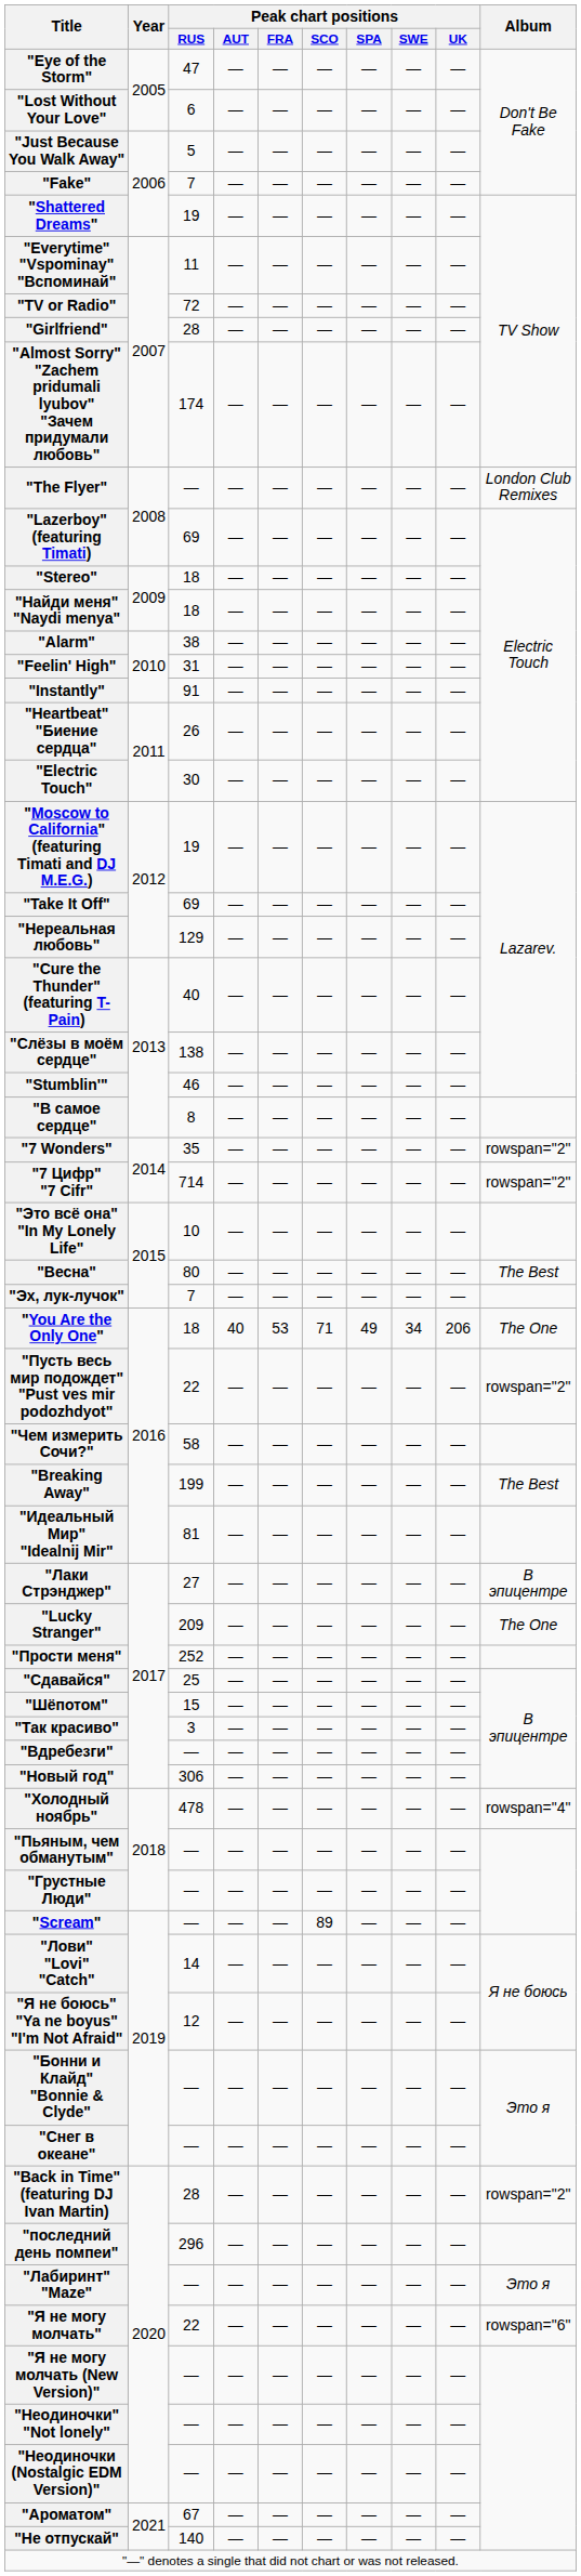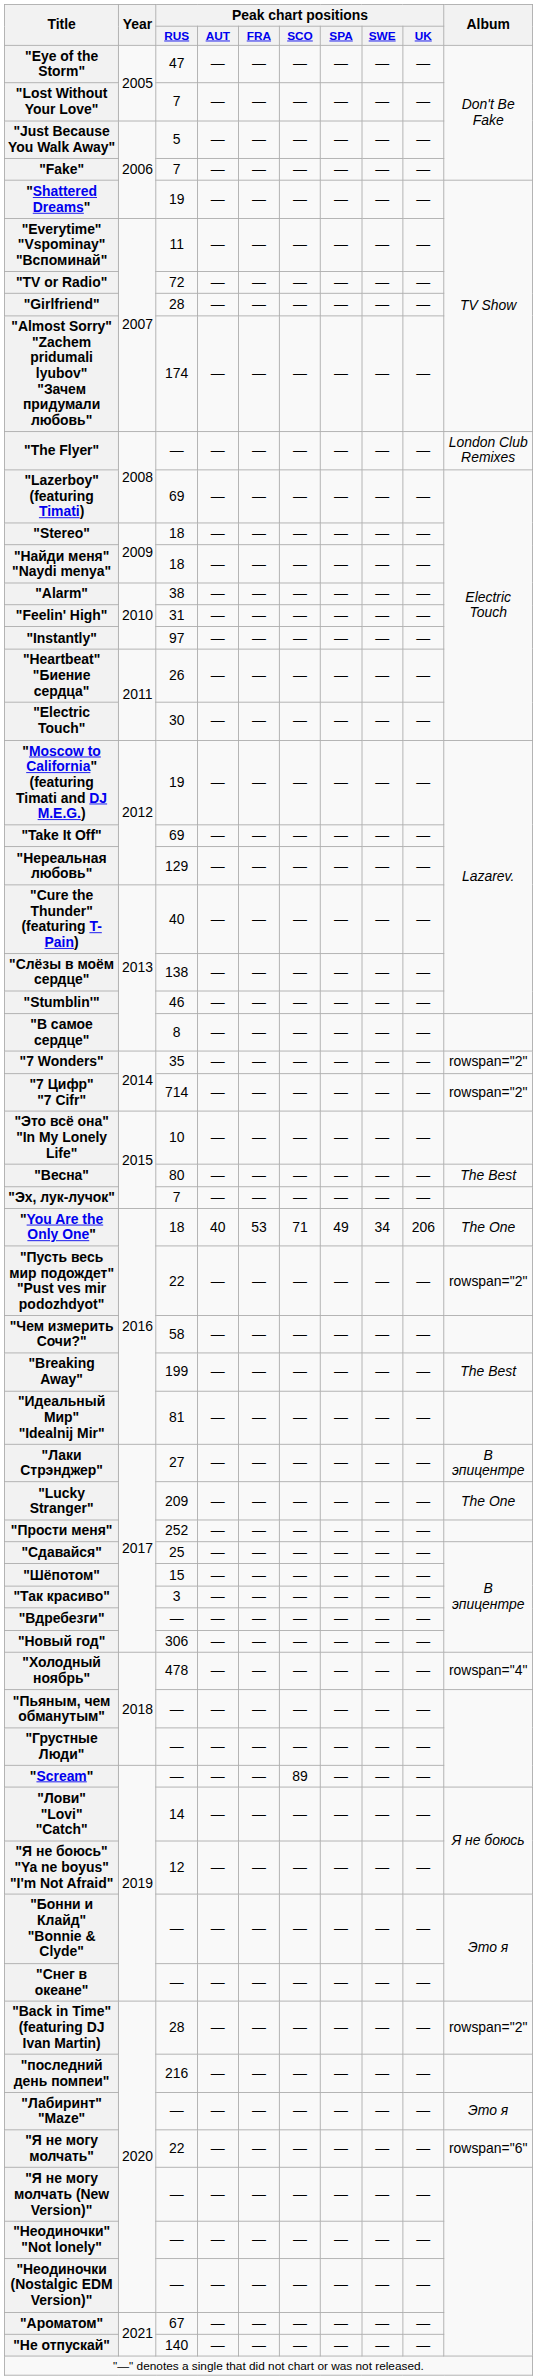 <table class="wikitable plainrowheaders" style="text-align:center;">
 <tr>
 <th scope="col" rowspan="2">Title</th>
 <th scope="col" rowspan="2">Year</th>
 <th scope="col" colspan="7">Peak chart positions</th>
 <th scope="col" rowspan="2">Album</th>
 </tr>
 <tr>
 <th scope="col" style="width:3em;font-size:85%;"><a href='#'>RUS</a><br></th>
 <th scope="col" style="width:3em;font-size:85%;"><a href='#'>AUT</a><br></th>
 <th scope="col" style="width:3em;font-size:85%;"><a href='#'>FRA</a><br></th>
 <th scope="col" style="width:3em;font-size:85%;"><a href='#'>SCO</a><br></th>
 <th scope="col" style="width:3em;font-size:85%;"><a href='#'>SPA</a><br></th>
 <th scope="col" style="width:3em;font-size:85%;"><a href='#'>SWE</a><br></th>
 <th scope="col" style="width:3em;font-size:85%;"><a href='#'>UK</a><br></th>
 </tr>
 <tr>
 <th scope="row">"Eye of the Storm"</th>
 <td rowspan="2">2005</td>
 <td>47</td>
 <td>—</td>
 <td>—</td>
 <td>—</td>
 <td>—</td>
 <td>—</td>
 <td>—</td>
 <td rowspan="4"><em>Don't Be Fake</em></td>
 </tr>
 <tr>
 <th scope="row">"Lost Without Your Love"</th>
-<td>6</td>
+<td>7</td>
 <td>—</td>
 <td>—</td>
 <td>—</td>
 <td>—</td>
 <td>—</td>
 <td>—</td>
 </tr>
 <tr>
 <th scope="row">"Just Because You Walk Away"</th>
 <td rowspan="3">2006</td>
 <td>5</td>
 <td>—</td>
 <td>—</td>
 <td>—</td>
 <td>—</td>
 <td>—</td>
 <td>—</td>
 </tr>
 <tr>
 <th scope="row">"Fake"</th>
 <td>7</td>
 <td>—</td>
 <td>—</td>
 <td>—</td>
 <td>—</td>
 <td>—</td>
 <td>—</td>
 </tr>
 <tr>
 <th scope="row">"<a href='#'>Shattered Dreams</a>"</th>
 <td>19</td>
 <td>—</td>
 <td>—</td>
 <td>—</td>
 <td>—</td>
 <td>—</td>
 <td>—</td>
 <td rowspan="5"><em>TV Show</em></td>
 </tr>
 <tr>
 <th scope="row">"Everytime"<br><span>"Vspominay"<br>"Вспоминай"</span></th>
 <td rowspan="4">2007</td>
 <td>11</td>
 <td>—</td>
 <td>—</td>
 <td>—</td>
 <td>—</td>
 <td>—</td>
 <td>—</td>
 </tr>
 <tr>
 <th scope="row">"TV or Radio"</th>
 <td>72</td>
 <td>—</td>
 <td>—</td>
 <td>—</td>
 <td>—</td>
 <td>—</td>
 <td>—</td>
 </tr>
 <tr>
 <th scope="row">"Girlfriend"</th>
 <td>28</td>
 <td>—</td>
 <td>—</td>
 <td>—</td>
 <td>—</td>
 <td>—</td>
 <td>—</td>
 </tr>
 <tr>
 <th scope="row">"Almost Sorry"<br><span>"Zachem pridumali lyubov"<br>"Зачем придумали любовь"</span></th>
 <td>174</td>
 <td>—</td>
 <td>—</td>
 <td>—</td>
 <td>—</td>
 <td>—</td>
 <td>—</td>
 </tr>
 <tr>
 <th scope="row">"The Flyer"</th>
 <td rowspan="2">2008</td>
 <td>—</td>
 <td>—</td>
 <td>—</td>
 <td>—</td>
 <td>—</td>
 <td>—</td>
 <td>—</td>
 <td><em>London Club Remixes</em></td>
 </tr>
 <tr>
 <th scope="row">"Lazerboy"<br><span>(featuring <a href='#'>Timati</a>)</span></th>
 <td>69</td>
 <td>—</td>
 <td>—</td>
 <td>—</td>
 <td>—</td>
 <td>—</td>
 <td>—</td>
 <td rowspan="8"><em>Electric Touch</em></td>
 </tr>
 <tr>
 <th scope="row">"Stereo"</th>
 <td rowspan="2">2009</td>
 <td>18</td>
 <td>—</td>
 <td>—</td>
 <td>—</td>
 <td>—</td>
 <td>—</td>
 <td>—</td>
 </tr>
 <tr>
 <th scope="row">"Найди меня"<br><span>"Naydi menya"</span></th>
 <td>18</td>
 <td>—</td>
 <td>—</td>
 <td>—</td>
 <td>—</td>
 <td>—</td>
 <td>—</td>
 </tr>
 <tr>
 <th scope="row">"Alarm"</th>
 <td rowspan="3">2010</td>
 <td>38</td>
 <td>—</td>
 <td>—</td>
 <td>—</td>
 <td>—</td>
 <td>—</td>
 <td>—</td>
 </tr>
 <tr>
 <th scope="row">"Feelin' High"</th>
 <td>31</td>
 <td>—</td>
 <td>—</td>
 <td>—</td>
 <td>—</td>
 <td>—</td>
 <td>—</td>
 </tr>
 <tr>
 <th scope="row">"Instantly"</th>
-<td>91</td>
+<td>97</td>
 <td>—</td>
 <td>—</td>
 <td>—</td>
 <td>—</td>
 <td>—</td>
 <td>—</td>
 </tr>
 <tr>
 <th scope="row">"Heartbeat"<br><span>"Биение сердца"</span></th>
 <td rowspan="2">2011</td>
 <td>26</td>
 <td>—</td>
 <td>—</td>
 <td>—</td>
 <td>—</td>
 <td>—</td>
 <td>—</td>
 </tr>
 <tr>
 <th scope="row">"Electric Touch"</th>
 <td>30</td>
 <td>—</td>
 <td>—</td>
 <td>—</td>
 <td>—</td>
 <td>—</td>
 <td>—</td>
 </tr>
 <tr>
 <th scope="row">"<a href='#'>Moscow to California</a>"<br><span>(featuring Timati and <a href='#'>DJ M.E.G.</a>)</span></th>
 <td rowspan="3">2012</td>
 <td>19</td>
 <td>—</td>
 <td>—</td>
 <td>—</td>
 <td>—</td>
 <td>—</td>
 <td>—</td>
 <td rowspan="6"><em>Lazarev.</em></td>
 </tr>
 <tr>
 <th scope="row">"Take It Off"</th>
 <td>69</td>
 <td>—</td>
 <td>—</td>
 <td>—</td>
 <td>—</td>
 <td>—</td>
 <td>—</td>
 </tr>
 <tr>
 <th scope="row">"Нереальная любовь"</th>
 <td>129</td>
 <td>—</td>
 <td>—</td>
 <td>—</td>
 <td>—</td>
 <td>—</td>
 <td>—</td>
 </tr>
 <tr>
 <th scope="row">"Cure the Thunder"<br><span>(featuring <a href='#'>T-Pain</a>)</span></th>
 <td rowspan="4">2013</td>
 <td>40</td>
 <td>—</td>
 <td>—</td>
 <td>—</td>
 <td>—</td>
 <td>—</td>
 <td>—</td>
 </tr>
 <tr>
 <th scope="row">"Слёзы в моём сердце"</th>
 <td>138</td>
 <td>—</td>
 <td>—</td>
 <td>—</td>
 <td>—</td>
 <td>—</td>
 <td>—</td>
 </tr>
 <tr>
 <th scope="row">"Stumblin'"</th>
 <td>46</td>
 <td>—</td>
 <td>—</td>
 <td>—</td>
 <td>—</td>
 <td>—</td>
 <td>—</td>
 </tr>
 <tr>
 <th scope="row">"В самое сердце"</th>
 <td>8</td>
 <td>—</td>
 <td>—</td>
 <td>—</td>
 <td>—</td>
 <td>—</td>
 <td>—</td>
 <td></td>
 </tr>
 <tr>
 <th scope="row">"7 Wonders"</th>
 <td rowspan="2">2014</td>
 <td>35</td>
 <td>—</td>
 <td>—</td>
 <td>—</td>
 <td>—</td>
 <td>—</td>
 <td>—</td>
 <td>rowspan="2" </td>
 </tr>
 <tr>
 <th scope="row">"7 Цифр"<br><span>"7 Cifr"</span></th>
 <td>714</td>
 <td>—</td>
 <td>—</td>
 <td>—</td>
 <td>—</td>
 <td>—</td>
 <td>—</td>
 <td>rowspan="2" </td>
 </tr>
 <tr>
 <th scope="row">"Это всё она"<br><span>"In My Lonely Life"</span></th>
 <td rowspan="3">2015</td>
 <td>10</td>
 <td>—</td>
 <td>—</td>
 <td>—</td>
 <td>—</td>
 <td>—</td>
 <td>—</td>
 </tr>
 <tr>
 <th scope="row">"Весна"</th>
 <td>80</td>
 <td>—</td>
 <td>—</td>
 <td>—</td>
 <td>—</td>
 <td>—</td>
 <td>—</td>
 <td><em>The Best </em></td>
 </tr>
 <tr>
 <th scope="row">"Эх, лук-лучок"</th>
 <td>7</td>
 <td>—</td>
 <td>—</td>
 <td>—</td>
 <td>—</td>
 <td>—</td>
 <td>—</td>
 <td></td>
 </tr>
 <tr>
 <th scope="row">"<a href='#'>You Are the Only One</a>"</th>
 <td rowspan="5">2016</td>
 <td>18</td>
 <td>40</td>
 <td>53</td>
 <td>71</td>
 <td>49</td>
 <td>34</td>
 <td>206</td>
 <td><em>The One</em></td>
 </tr>
 <tr>
 <th scope="row">"Пусть весь мир подождет"<br><span>"Pust ves mir podozhdyot"</span></th>
 <td>22</td>
 <td>—</td>
 <td>—</td>
 <td>—</td>
 <td>—</td>
 <td>—</td>
 <td>—</td>
 <td>rowspan="2" </td>
 </tr>
 <tr>
 <th scope="row">"Чем измерить Сочи?"<br></th>
 <td>58</td>
 <td>—</td>
 <td>—</td>
 <td>—</td>
 <td>—</td>
 <td>—</td>
 <td>—</td>
 </tr>
 <tr>
 <th scope="row">"Breaking Away"</th>
 <td>199</td>
 <td>—</td>
 <td>—</td>
 <td>—</td>
 <td>—</td>
 <td>—</td>
 <td>—</td>
 <td><em>The Best </em></td>
 </tr>
 <tr>
 <th scope="row">"Идеальный Мир"<br><span>"Idealnij Mir"</span></th>
 <td>81</td>
 <td>—</td>
 <td>—</td>
 <td>—</td>
 <td>—</td>
 <td>—</td>
 <td>—</td>
 <td></td>
 </tr>
 <tr>
 <th scope="row">"Лаки Стрэнджер"</th>
 <td rowspan="8">2017</td>
 <td>27</td>
 <td>—</td>
 <td>—</td>
 <td>—</td>
 <td>—</td>
 <td>—</td>
 <td>—</td>
 <td><em>В эпицентре</em></td>
 </tr>
 <tr>
 <th scope="row">"Lucky Stranger"</th>
 <td>209</td>
 <td>—</td>
 <td>—</td>
 <td>—</td>
 <td>—</td>
 <td>—</td>
 <td>—</td>
 <td><em>The One</em></td>
 </tr>
 <tr>
 <th scope="row">"Прости меня"<br></th>
 <td>252</td>
 <td>—</td>
 <td>—</td>
 <td>—</td>
 <td>—</td>
 <td>—</td>
 <td>—</td>
 <td></td>
 </tr>
 <tr>
 <th scope="row">"Сдавайся"</th>
 <td>25</td>
 <td>—</td>
 <td>—</td>
 <td>—</td>
 <td>—</td>
 <td>—</td>
 <td>—</td>
 <td rowspan="5"><em>В эпицентре</em></td>
 </tr>
 <tr>
 <th scope="row">"Шёпотом"</th>
 <td>15</td>
 <td>—</td>
 <td>—</td>
 <td>—</td>
 <td>—</td>
 <td>—</td>
 <td>—</td>
 </tr>
 <tr>
 <th scope="row">"Так красиво"</th>
 <td>3</td>
 <td>—</td>
 <td>—</td>
 <td>—</td>
 <td>—</td>
 <td>—</td>
 <td>—</td>
 </tr>
 <tr>
 <th scope="row">"Вдребезги"</th>
 <td>—</td>
 <td>—</td>
 <td>—</td>
 <td>—</td>
 <td>—</td>
 <td>—</td>
 <td>—</td>
 </tr>
 <tr>
 <th scope="row">"Новый год"</th>
 <td>306</td>
 <td>—</td>
 <td>—</td>
 <td>—</td>
 <td>—</td>
 <td>—</td>
 <td>—</td>
 </tr>
 <tr>
 <th scope="row">"Холодный ноябрь"</th>
 <td rowspan="3">2018</td>
 <td>478</td>
 <td>—</td>
 <td>—</td>
 <td>—</td>
 <td>—</td>
 <td>—</td>
 <td>—</td>
 <td>rowspan="4" </td>
 </tr>
 <tr>
 <th scope="row">"Пьяным, чем обманутым"</th>
 <td>—</td>
 <td>—</td>
 <td>—</td>
 <td>—</td>
 <td>—</td>
 <td>—</td>
 <td>—</td>
 </tr>
 <tr>
 <th scope="row">"Грустные Люди" <br></th>
 <td>—</td>
 <td>—</td>
 <td>—</td>
 <td>—</td>
 <td>—</td>
 <td>—</td>
 <td>—</td>
 </tr>
 <tr>
 <th scope="row">"<a href='#'>Scream</a>"</th>
 <td rowspan="5">2019</td>
 <td>—</td>
 <td>—</td>
 <td>—</td>
 <td>89</td>
 <td>—</td>
 <td>—</td>
 <td>—</td>
 </tr>
 <tr>
 <th scope="row">"Лови"<br><span>"Lovi"</span><br><span>"Catch"</span></th>
 <td>14</td>
 <td>—</td>
 <td>—</td>
 <td>—</td>
 <td>—</td>
 <td>—</td>
 <td>—</td>
 <td rowspan="2"><em>Я не боюсь</em></td>
 </tr>
 <tr>
 <th scope="row">"Я не боюсь"<br><span>"Ya ne boyus"</span><br><span>"I'm Not Afraid"</span></th>
 <td>12</td>
 <td>—</td>
 <td>—</td>
 <td>—</td>
 <td>—</td>
 <td>—</td>
 <td>—</td>
 </tr>
 <tr>
 <th scope="row">"Бонни и Клайд"<br><span>"Bonnie & Clyde"</span></th>
 <td>—</td>
 <td>—</td>
 <td>—</td>
 <td>—</td>
 <td>—</td>
 <td>—</td>
 <td>—</td>
 <td rowspan="2"><em>Это я</em></td>
 </tr>
 <tr>
 <th scope="row">"Снег в океане"</th>
 <td>—</td>
 <td>—</td>
 <td>—</td>
 <td>—</td>
 <td>—</td>
 <td>—</td>
 <td>—</td>
 </tr>
 <tr>
 <th scope="row">"Back in Time"<br><span>(featuring DJ Ivan Martin)</span></th>
 <td rowspan="7">2020</td>
 <td>28</td>
 <td>—</td>
 <td>—</td>
 <td>—</td>
 <td>—</td>
 <td>—</td>
 <td>—</td>
 <td>rowspan="2" </td>
 </tr>
 <tr>
 <th scope="row">"последний день помпеи"</th>
-<td>296</td>
+<td>216</td>
 <td>—</td>
 <td>—</td>
 <td>—</td>
 <td>—</td>
 <td>—</td>
 <td>—</td>
 </tr>
 <tr>
 <th scope="row">"Лабиринт"<br><span>"Maze"</span></th>
 <td>—</td>
 <td>—</td>
 <td>—</td>
 <td>—</td>
 <td>—</td>
 <td>—</td>
 <td>—</td>
 <td><em>Это я</em></td>
 </tr>
 <tr>
 <th scope="row">"Я не могу молчать"</th>
 <td>22</td>
 <td>—</td>
 <td>—</td>
 <td>—</td>
 <td>—</td>
 <td>—</td>
 <td>—</td>
 <td>rowspan="6" </td>
 </tr>
 <tr>
 <th scope="row">"Я не могу молчать (New Version)"</th>
 <td>—</td>
 <td>—</td>
 <td>—</td>
 <td>—</td>
 <td>—</td>
 <td>—</td>
 <td>—</td>
 </tr>
 <tr>
 <th scope="row">"Неодиночки"<br><span>"Not lonely"</span></th>
 <td>—</td>
 <td>—</td>
 <td>—</td>
 <td>—</td>
 <td>—</td>
 <td>—</td>
 <td>—</td>
 </tr>
 <tr>
 <th scope="row">"Неодиночки (Nostalgic EDM Version)"</th>
 <td>—</td>
 <td>—</td>
 <td>—</td>
 <td>—</td>
 <td>—</td>
 <td>—</td>
 <td>—</td>
 </tr>
 <tr>
 <th scope="row">"Ароматом"</th>
 <td rowspan="2">2021</td>
 <td>67</td>
 <td>—</td>
 <td>—</td>
 <td>—</td>
 <td>—</td>
 <td>—</td>
 <td>—</td>
 </tr>
 <tr>
 <th scope="row">"Не отпускай"<br></th>
 <td>140</td>
 <td>—</td>
 <td>—</td>
 <td>—</td>
 <td>—</td>
 <td>—</td>
 <td>—</td>
 </tr>
 <tr>
 <td colspan="20" style="font-size:85%;">"—" denotes a single that did not chart or was not released.</td>
 </tr>
 </table>
